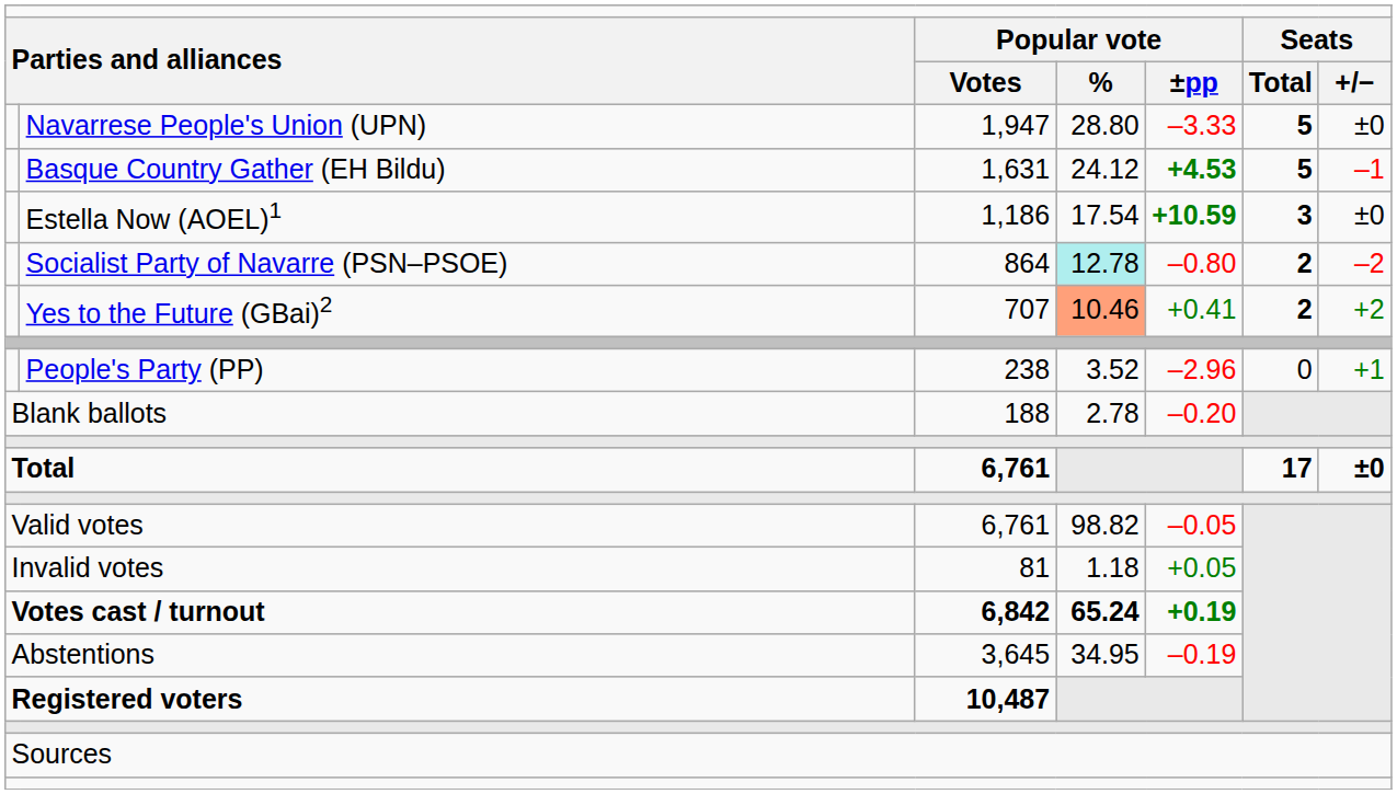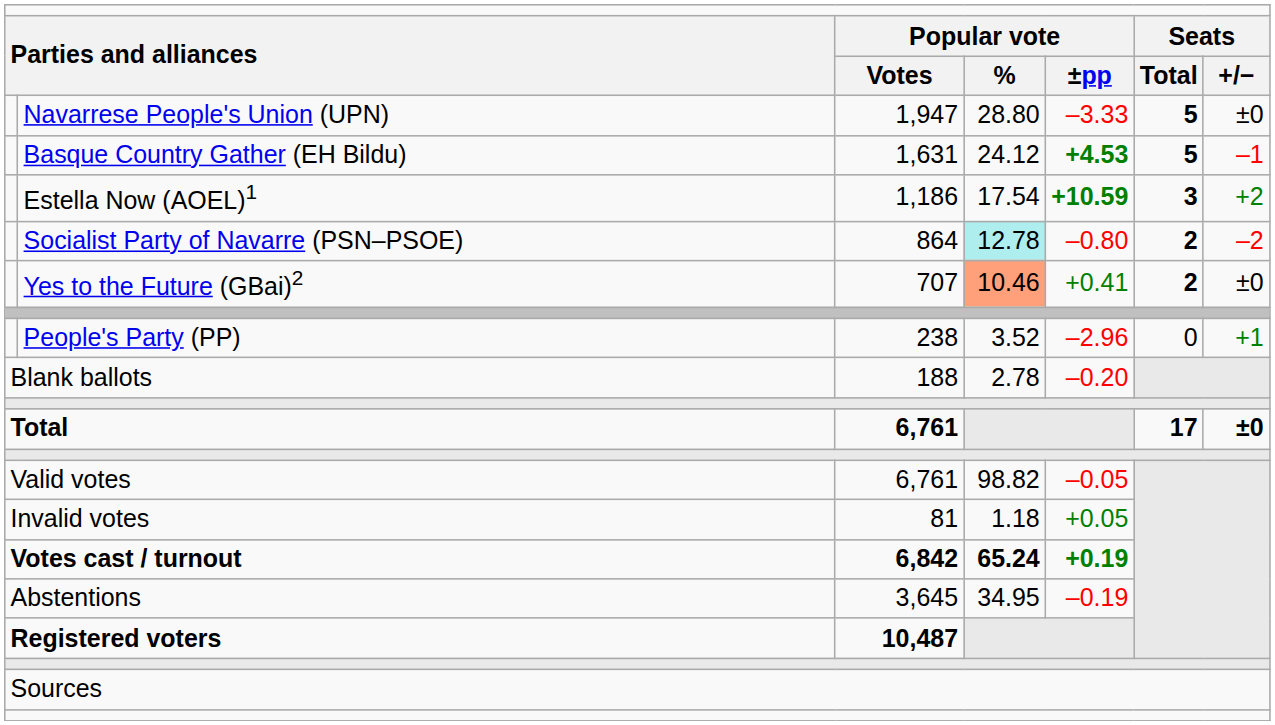 <table class="wikitable" style="text-align:right;">
 <tr>
 <td colspan="7"></td>
 </tr>
 <tr>
 <th style="text-align:left;" rowspan="2" colspan="2" width="525">Parties and alliances</th>
 <th colspan="3">Popular vote</th>
 <th colspan="2">Seats</th>
 </tr>
 <tr>
 <th width="75">Votes</th>
 <th width="45">%</th>
 <th width="45">±<a href='#'>pp</a></th>
 <th width="35">Total</th>
 <th width="35">+/−</th>
 </tr>
 <tr>
 <td width="1" style="color:inherit;background:"></td>
 <td align="left"><a href='#'>Navarrese People's Union</a> (UPN)</td>
 <td>1,947</td>
 <td>28.80</td>
 <td style="color:red;">–3.33</td>
 <td><strong>5</strong></td>
 <td>±0</td>
 </tr>
 <tr>
 <td style="color:inherit;background:"></td>
 <td align="left"><a href='#'>Basque Country Gather</a> (EH Bildu)</td>
 <td>1,631</td>
 <td>24.12</td>
 <td style="color:green;"><strong>+4.53</strong></td>
 <td><strong>5</strong></td>
 <td style="color:red;">–1</td>
 </tr>
 <tr>
 <td style="color:inherit;background:"></td>
 <td align="left">Estella Now (AOEL)<sup>1</sup></td>
 <td>1,186</td>
 <td>17.54</td>
 <td style="color:green;"><strong>+10.59</strong></td>
 <td><strong>3</strong></td>
-<td>±0</td>
+<td style="color:green;">+2</td>
 </tr>
 <tr>
 <td style="color:inherit;background:"></td>
 <td align="left"><a href='#'>Socialist Party of Navarre</a> (PSN–PSOE)</td>
 <td>864</td>
 <td style="background: paleturquoise;">12.78</td>
 <td style="color:red;">–0.80</td>
 <td><strong>2</strong></td>
 <td style="color:red;">–2</td>
 </tr>
 <tr>
 <td style="color:inherit;background:"></td>
 <td align="left"><a href='#'>Yes to the Future</a> (GBai)<sup>2</sup></td>
 <td>707</td>
 <td style="background: lightsalmon;">10.46</td>
 <td style="color:green;">+0.41</td>
 <td><strong>2</strong></td>
-<td style="color:green;">+2</td>
+<td>±0</td>
 </tr>
 <tr>
 <td colspan="7" bgcolor="#C0C0C0"></td>
 </tr>
 <tr>
 <td style="color:inherit;background:"></td>
 <td align="left"><a href='#'>People's Party</a> (PP)</td>
 <td>238</td>
 <td>3.52</td>
 <td style="color:red;">–2.96</td>
 <td>0</td>
 <td style="color:green;">+1</td>
 </tr>
 <tr>
 <td align="left" colspan="2">Blank ballots</td>
 <td>188</td>
 <td>2.78</td>
 <td style="color:red;">–0.20</td>
 <td bgcolor="#E9E9E9" colspan="2"></td>
 </tr>
 <tr>
 <td colspan="7" bgcolor="#E9E9E9"></td>
 </tr>
 <tr style="font-weight:bold;">
 <td align="left" colspan="2">Total</td>
 <td>6,761</td>
 <td bgcolor="#E9E9E9" colspan="2"></td>
 <td>17</td>
 <td>±0</td>
 </tr>
 <tr>
 <td colspan="7" bgcolor="#E9E9E9"></td>
 </tr>
 <tr>
 <td align="left" colspan="2">Valid votes</td>
 <td>6,761</td>
 <td>98.82</td>
 <td style="color:red;">–0.05</td>
 <td bgcolor="#E9E9E9" colspan="2" rowspan="5"></td>
 </tr>
 <tr>
 <td align="left" colspan="2">Invalid votes</td>
 <td>81</td>
 <td>1.18</td>
 <td style="color:green;">+0.05</td>
 </tr>
 <tr style="font-weight:bold;">
 <td align="left" colspan="2">Votes cast / turnout</td>
 <td>6,842</td>
 <td>65.24</td>
 <td style="color:green;">+0.19</td>
 </tr>
 <tr>
 <td align="left" colspan="2">Abstentions</td>
 <td>3,645</td>
 <td>34.95</td>
 <td style="color:red;">–0.19</td>
 </tr>
 <tr style="font-weight:bold;">
 <td align="left" colspan="2">Registered voters</td>
 <td>10,487</td>
 <td bgcolor="#E9E9E9" colspan="2"></td>
 </tr>
 <tr>
 <td colspan="7" bgcolor="#E9E9E9"></td>
 </tr>
 <tr>
 <td align="left" colspan="7">Sources</td>
 </tr>
 <tr>
 <td colspan="7" style="text-align:left; max-width:790px;"></td>
 </tr>
 </table>
